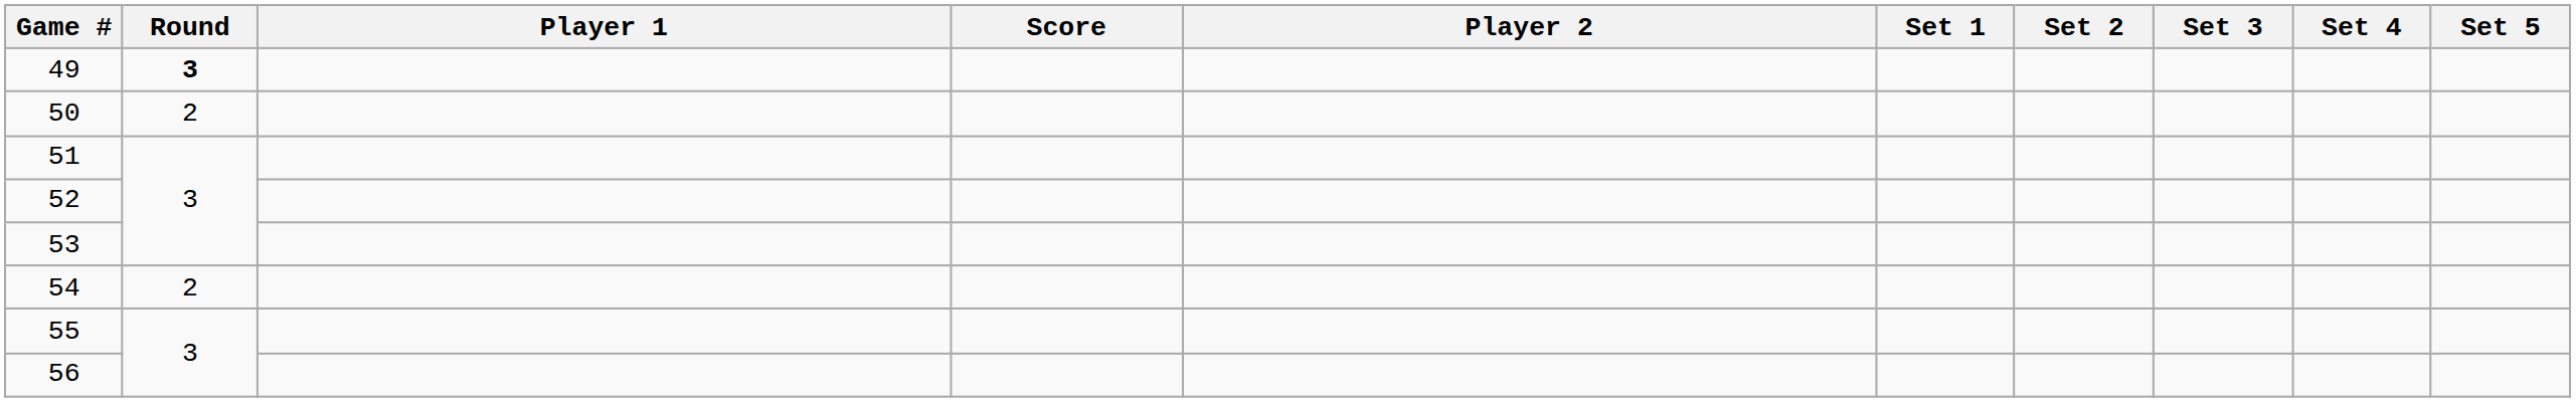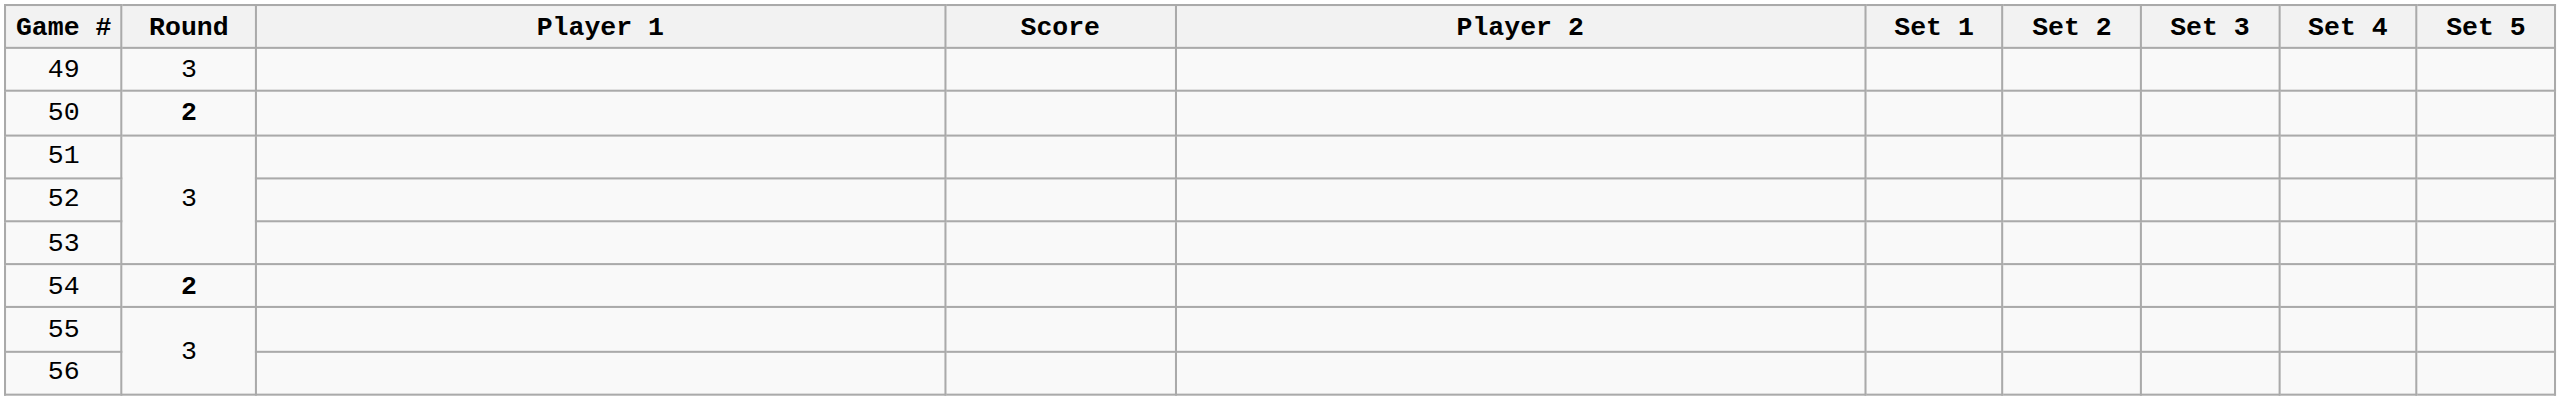 <table class="wikitable">
 <tr>
 <th width="2%">Game #</th>
 <th width="2%">Round</th>
 <th width="15%">Player 1</th>
 <th width="5%">Score</th>
 <th width="15%">Player 2</th>
 <th width="3%">Set 1</th>
 <th width="3%">Set 2</th>
 <th width="3%">Set 3</th>
 <th width="3%">Set 4</th>
 <th width="3%">Set 5</th>
 </tr>
 <tr style=text-align:center;>
 <td>49</td>
-<td><strong>3</strong></td>
+<td>3</td>
 <td></td>
 <td></td>
 <td></td>
 <td></td>
 <td></td>
 <td></td>
 <td></td>
 <td></td>
 </tr>
 <tr style=text-align:center;>
 <td>50</td>
-<td>2</td>
+<td><strong>2</strong></td>
 <td></td>
 <td></td>
 <td></td>
 <td></td>
 <td></td>
 <td></td>
 <td></td>
 <td></td>
 </tr>
 <tr style=text-align:center;>
 <td>51</td>
 <td rowspan=3>3</td>
 <td></td>
 <td></td>
 <td></td>
 <td></td>
 <td></td>
 <td></td>
 <td></td>
 <td></td>
 </tr>
 <tr style=text-align:center;>
 <td>52</td>
 <td></td>
 <td></td>
 <td></td>
 <td></td>
 <td></td>
 <td></td>
 <td></td>
 <td></td>
 </tr>
 <tr style=text-align:center;>
 <td>53</td>
 <td></td>
 <td></td>
 <td></td>
 <td></td>
 <td></td>
 <td></td>
 <td></td>
 <td></td>
 </tr>
 <tr style=text-align:center;>
 <td>54</td>
-<td>2</td>
+<td><strong>2</strong></td>
 <td></td>
 <td></td>
 <td></td>
 <td></td>
 <td></td>
 <td></td>
 <td></td>
 <td></td>
 </tr>
 <tr style=text-align:center;>
 <td>55</td>
 <td rowspan=2>3</td>
 <td></td>
 <td></td>
 <td></td>
 <td></td>
 <td></td>
 <td></td>
 <td></td>
 <td></td>
 </tr>
 <tr style=text-align:center;>
 <td>56</td>
 <td></td>
 <td></td>
 <td></td>
 <td></td>
 <td></td>
 <td></td>
 <td></td>
 <td></td>
 </tr>
 </table>
